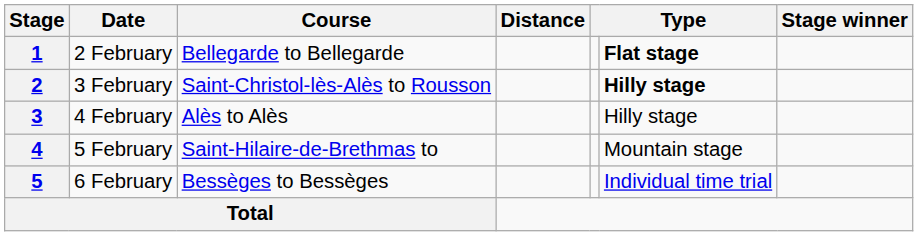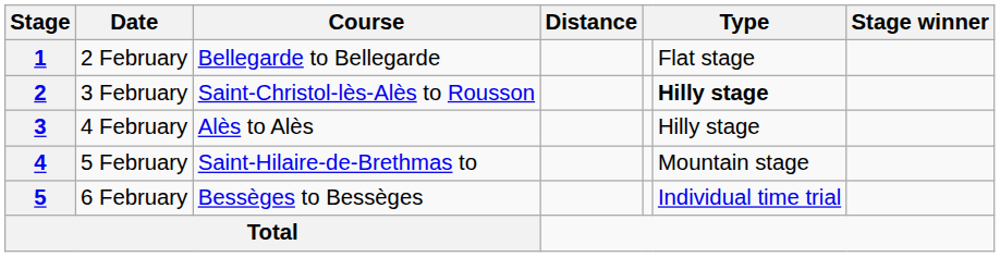 <table class="wikitable">
 <tr>
 <th scope="col">Stage</th>
 <th scope="col">Date</th>
 <th scope="col">Course</th>
 <th scope="col">Distance</th>
 <th scope="col" colspan="2">Type</th>
 <th scope="col">Stage winner</th>
 </tr>
 <tr>
 <th scope="row"><a href='#'>1</a></th>
 <td style="text-align:center;">2 February</td>
 <td><a href='#'>Bellegarde</a> to Bellegarde</td>
 <td style="text-align:center;"></td>
 <td></td>
-<td><strong>Flat stage</strong></td>
+<td>Flat stage</td>
 <td></td>
 </tr>
 <tr>
 <th scope="row"><a href='#'>2</a></th>
 <td style="text-align:center;">3 February</td>
 <td><a href='#'>Saint-Christol-lès-Alès</a> to <a href='#'>Rousson</a></td>
 <td style="text-align:center;"></td>
 <td></td>
 <td><strong>Hilly stage</strong></td>
 <td></td>
 </tr>
 <tr>
 <th scope="row"><a href='#'>3</a></th>
 <td style="text-align:center;">4 February</td>
 <td><a href='#'>Alès</a> to Alès</td>
 <td style="text-align:center;"></td>
 <td></td>
 <td>Hilly stage</td>
 <td></td>
 </tr>
 <tr>
 <th scope="row"><a href='#'>4</a></th>
 <td style="text-align:center;">5 February</td>
 <td><a href='#'>Saint-Hilaire-de-Brethmas</a> to </td>
 <td style="text-align:center;"></td>
 <td></td>
 <td>Mountain stage</td>
 <td></td>
 </tr>
 <tr>
 <th scope="row"><a href='#'>5</a></th>
 <td style="text-align:center;">6 February</td>
 <td><a href='#'>Bessèges</a> to Bessèges</td>
 <td style="text-align:center;"></td>
 <td></td>
 <td><a href='#'>Individual time trial</a></td>
 <td></td>
 </tr>
 <tr>
 <th colspan="3">Total</th>
 <td colspan="4" style="text-align:center;"></td>
 </tr>
 </table>
